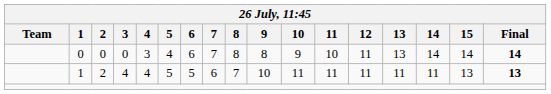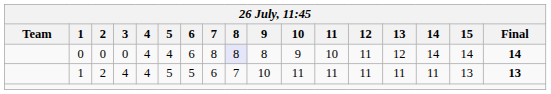 <table class=wikitable style="text-align:center; width: 55%">
 <tr>
 <th colspan=17><em>26 July, 11:45</em></th>
 </tr>
 <tr>
 <th>Team</th>
 <th>1</th>
 <th>2</th>
 <th>3</th>
 <th>4</th>
 <th>5</th>
 <th>6</th>
 <th>7</th>
 <th>8</th>
 <th>9</th>
 <th>10</th>
 <th>11</th>
 <th>12</th>
 <th>13</th>
 <th>14</th>
 <th>15</th>
 <th>Final</th>
 </tr>
 <tr>
 <td align=left><strong></strong></td>
 <td>0</td>
 <td>0</td>
 <td>0</td>
-<td>3</td>
+<td>4</td>
 <td>4</td>
 <td>6</td>
-<td>7</td>
 <td>8</td>
+<td style="background: lavender;">8</td>
 <td>8</td>
 <td>9</td>
 <td>10</td>
 <td>11</td>
-<td>13</td>
+<td>12</td>
 <td>14</td>
 <td>14</td>
 <td><strong>14</strong></td>
 </tr>
 <tr>
 <td align=left></td>
 <td>1</td>
 <td>2</td>
 <td>4</td>
 <td>4</td>
 <td>5</td>
 <td>5</td>
 <td>6</td>
 <td>7</td>
 <td>10</td>
 <td>11</td>
 <td>11</td>
 <td>11</td>
 <td>11</td>
 <td>11</td>
 <td>13</td>
 <td><strong>13</strong></td>
 </tr>
 <tr>
 <td colspan=17></td>
 </tr>
 </table>
